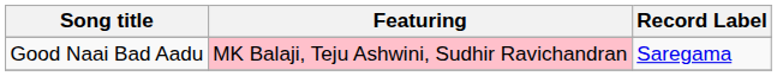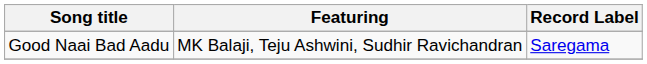 <table class="wikitable sortable">
 <tr>
 <th>Song title</th>
 <th>Featuring</th>
 <th>Record Label</th>
 </tr>
 <tr>
 </tr>
 <tr>
 <td>Good Naai Bad Aadu</td>
-<td style="background: pink;">MK Balaji, Teju Ashwini, Sudhir Ravichandran</td>
+<td>MK Balaji, Teju Ashwini, Sudhir Ravichandran</td>
 <td><a href='#'>Saregama</a></td>
 </tr>
 <tr>
 </tr>
 </table>
